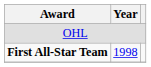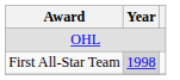 <table class="wikitable">
 <tr>
 <th>Award</th>
 <th>Year</th>
 <th></th>
 </tr>
 <tr ALIGN="center" bgcolor="#e0e0e0">
 <td colspan="3"><a href='#'>OHL</a></td>
 </tr>
 <tr>
-<td><strong>First All-Star Team</strong></td>
-<td><a href='#'>1998</a></td>
+<td>First All-Star Team</td>
+<td style="background: lightgrey;"><a href='#'>1998</a></td>
 <td></td>
 </tr>
 <tr>
 </tr>
 </table>
